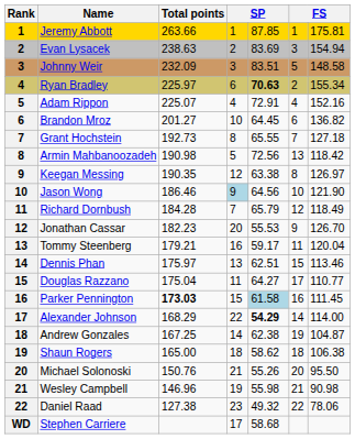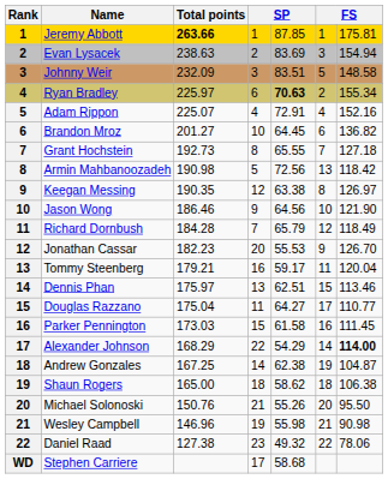 <table class="wikitable sortable">
 <tr>
 <th>Rank</th>
 <th>Name</th>
 <th>Total points</th>
 <th colspan="2" width="80px"><a href='#'>SP</a></th>
 <th colspan="2" width="80px"><a href='#'>FS</a></th>
 </tr>
 <tr bgcolor="gold">
 <td align="center"><strong>1</strong></td>
 <td><a href='#'>Jeremy Abbott</a></td>
-<td>263.66</td>
+<td><strong>263.66</strong></td>
 <td>1</td>
 <td>87.85</td>
 <td>1</td>
 <td>175.81</td>
 </tr>
 <tr bgcolor="silver">
 <td align="center"><strong>2</strong></td>
 <td><a href='#'>Evan Lysacek</a></td>
 <td>238.63</td>
 <td>2</td>
 <td>83.69</td>
 <td>3</td>
 <td>154.94</td>
 </tr>
 <tr bgcolor="cc9966">
 <td align="center"><strong>3</strong></td>
 <td><a href='#'>Johnny Weir</a></td>
 <td>232.09</td>
 <td>3</td>
 <td>83.51</td>
 <td>5</td>
 <td>148.58</td>
 </tr>
 <tr bgcolor="#d1c571">
 <td align="center"><strong>4</strong></td>
 <td><a href='#'>Ryan Bradley</a></td>
 <td>225.97</td>
 <td>6</td>
 <td><strong>70.63</strong></td>
 <td>2</td>
 <td>155.34</td>
 </tr>
 <tr>
 <th>5</th>
 <td><a href='#'>Adam Rippon</a></td>
 <td>225.07</td>
 <td>4</td>
 <td>72.91</td>
 <td>4</td>
 <td>152.16</td>
 </tr>
 <tr>
 <th>6</th>
 <td><a href='#'>Brandon Mroz</a></td>
 <td>201.27</td>
 <td>10</td>
 <td>64.45</td>
 <td>6</td>
 <td>136.82</td>
 </tr>
 <tr>
 <th>7</th>
 <td><a href='#'>Grant Hochstein</a></td>
 <td>192.73</td>
 <td>8</td>
 <td>65.55</td>
 <td>7</td>
 <td>127.18</td>
 </tr>
 <tr>
 <th>8</th>
 <td><a href='#'>Armin Mahbanoozadeh</a></td>
 <td>190.98</td>
 <td>5</td>
 <td>72.56</td>
 <td>13</td>
 <td>118.42</td>
 </tr>
 <tr>
 <th>9</th>
 <td><a href='#'>Keegan Messing</a></td>
 <td>190.35</td>
 <td>12</td>
 <td>63.38</td>
 <td>8</td>
 <td>126.97</td>
 </tr>
 <tr>
 <th>10</th>
 <td><a href='#'>Jason Wong</a></td>
 <td>186.46</td>
-<td style="background: lightblue;">9</td>
+<td>9</td>
 <td>64.56</td>
 <td>10</td>
 <td>121.90</td>
 </tr>
 <tr>
 <th>11</th>
 <td><a href='#'>Richard Dornbush</a></td>
 <td>184.28</td>
 <td>7</td>
 <td>65.79</td>
 <td>12</td>
 <td>118.49</td>
 </tr>
 <tr>
 <th>12</th>
 <td>Jonathan Cassar</td>
 <td>182.23</td>
 <td>20</td>
 <td>55.53</td>
 <td>9</td>
 <td>126.70</td>
 </tr>
 <tr>
 <th>13</th>
 <td>Tommy Steenberg</td>
 <td>179.21</td>
 <td>16</td>
 <td>59.17</td>
 <td>11</td>
 <td>120.04</td>
 </tr>
 <tr>
 <th>14</th>
 <td><a href='#'>Dennis Phan</a></td>
 <td>175.97</td>
 <td>13</td>
 <td>62.51</td>
 <td>15</td>
 <td>113.46</td>
 </tr>
 <tr>
 <th>15</th>
 <td><a href='#'>Douglas Razzano</a></td>
 <td>175.04</td>
 <td>11</td>
 <td>64.27</td>
 <td>17</td>
 <td>110.77</td>
 </tr>
 <tr>
 <th>16</th>
 <td><a href='#'>Parker Pennington</a></td>
-<td><strong>173.03</strong></td>
+<td>173.03</td>
 <td>15</td>
-<td style="background: lightblue;">61.58</td>
+<td>61.58</td>
 <td>16</td>
 <td>111.45</td>
 </tr>
 <tr>
 <th>17</th>
 <td><a href='#'>Alexander Johnson</a></td>
 <td>168.29</td>
 <td>22</td>
-<td><strong>54.29</strong></td>
+<td>54.29</td>
 <td>14</td>
-<td>114.00</td>
+<td><strong>114.00</strong></td>
 </tr>
 <tr>
 <th>18</th>
 <td>Andrew Gonzales</td>
 <td>167.25</td>
 <td>14</td>
 <td>62.38</td>
 <td>19</td>
 <td>104.87</td>
 </tr>
 <tr>
 <th>19</th>
 <td><a href='#'>Shaun Rogers</a></td>
 <td>165.00</td>
 <td>18</td>
 <td>58.62</td>
 <td>18</td>
 <td>106.38</td>
 </tr>
 <tr>
 <th>20</th>
 <td>Michael Solonoski</td>
 <td>150.76</td>
 <td>21</td>
 <td>55.26</td>
 <td>20</td>
 <td>95.50</td>
 </tr>
 <tr>
 <th>21</th>
 <td>Wesley Campbell</td>
 <td>146.96</td>
 <td>19</td>
 <td>55.98</td>
 <td>21</td>
 <td>90.98</td>
 </tr>
 <tr>
 <th>22</th>
 <td>Daniel Raad</td>
 <td>127.38</td>
 <td>23</td>
 <td>49.32</td>
 <td>22</td>
 <td>78.06</td>
 </tr>
 <tr>
 <th>WD</th>
 <td><a href='#'>Stephen Carriere</a></td>
 <td></td>
 <td>17</td>
 <td>58.68</td>
 <td></td>
 <td></td>
 </tr>
 </table>
